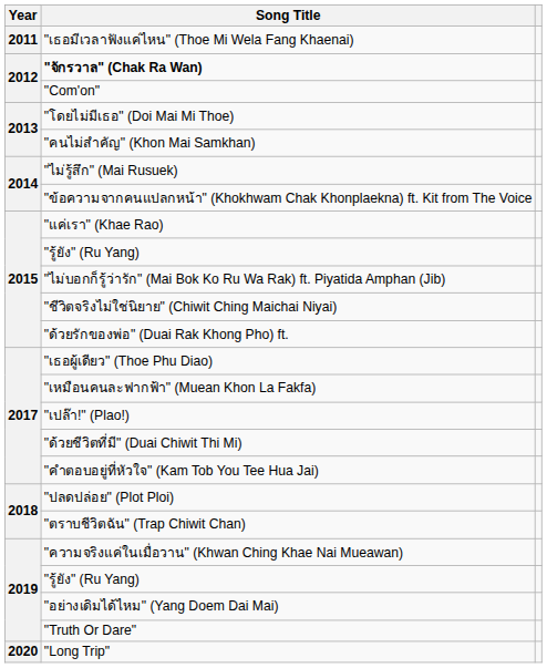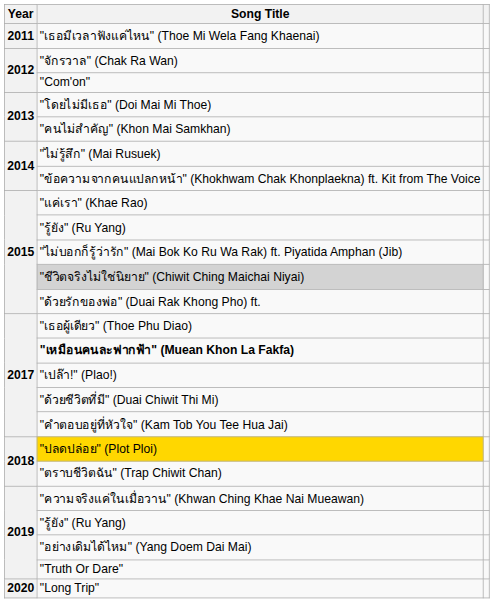 <table class="wikitable sortable plainrowheaders">
 <tr>
 <th scope="col">Year</th>
 <th scope="col">Song Title</th>
 <th scope="col" class="unsortable"></th>
 </tr>
 <tr>
 <th scope="row">2011</th>
 <td>"เธอมีเวลาฟังแค่ไหน" (Thoe Mi Wela Fang Khaenai)</td>
 <td style="text-align: center;"></td>
 </tr>
 <tr>
 <th scope="row" rowspan="2">2012</th>
-<td><strong>"จักรวาล" (Chak Ra Wan)</strong></td>
+<td>"จักรวาล" (Chak Ra Wan)</td>
 <td style="text-align: center;"></td>
 </tr>
 <tr>
 <td>"Com'on"</td>
 <td style="text-align: center;"></td>
 </tr>
 <tr>
 <th scope="row" rowspan="2">2013</th>
 <td>"โดยไม่มีเธอ" (Doi Mai Mi Thoe)</td>
 <td style="text-align: center;"></td>
 </tr>
 <tr>
 <td>"คนไม่สำคัญ" (Khon Mai Samkhan)</td>
 <td style="text-align: center;"></td>
 </tr>
 <tr>
 <th scope="row" rowspan="2">2014</th>
 <td>"ไม่รู้สึก" (Mai Rusuek)</td>
 <td style="text-align: center;"></td>
 </tr>
 <tr>
 <td>"ข้อความจากคนแปลกหน้า" (Khokhwam Chak Khonplaekna) ft. Kit from The Voice</td>
 <td style="text-align: center;"></td>
 </tr>
 <tr>
 <th scope="row" rowspan="5">2015</th>
 <td>"แค่เรา" (Khae Rao)</td>
 <td style="text-align: center;"></td>
 </tr>
 <tr>
 <td>"รู้ยัง" (Ru Yang)</td>
 <td style="text-align: center;"></td>
 </tr>
 <tr>
 <td>"ไม่บอกก็รู้ว่ารัก" (Mai Bok Ko Ru Wa Rak) ft. Piyatida Amphan (Jib)</td>
 <td style="text-align: center;"></td>
 </tr>
 <tr>
-<td>"ชีวิตจริงไม่ใช่นิยาย" (Chiwit Ching Maichai Niyai)</td>
+<td style="background: lightgrey;">"ชีวิตจริงไม่ใช่นิยาย" (Chiwit Ching Maichai Niyai)</td>
 <td style="text-align: center;"></td>
 </tr>
 <tr>
 <td>"ด้วยรักของพ่อ" (Duai Rak Khong Pho) ft. </td>
 <td style="text-align: center;"></td>
 </tr>
 <tr>
 <th scope="row" rowspan="5">2017</th>
 <td>"เธอผู้เดียว" (Thoe Phu Diao)</td>
 <td style="text-align: center;"></td>
 </tr>
 <tr>
-<td>"เหมือนคนละฟากฟ้า" (Muean Khon La Fakfa)</td>
+<td><strong>"เหมือนคนละฟากฟ้า" (Muean Khon La Fakfa)</strong></td>
 <td style="text-align: center;"></td>
 </tr>
 <tr>
 <td>"เปล๊า!" (Plao!)</td>
 <td style="text-align: center;"></td>
 </tr>
 <tr>
 <td>"ด้วยชีวิตที่มี" (Duai Chiwit Thi Mi)</td>
 <td style="text-align: center;"></td>
 </tr>
 <tr>
 <td>"คำตอบอยู่ที่หัวใจ" (Kam Tob You Tee Hua Jai)</td>
 <td style="text-align: center;"></td>
 </tr>
 <tr>
 <th scope="row" rowspan="2">2018</th>
-<td>"ปลดปล่อย" (Plot Ploi)</td>
+<td style="background: gold;">"ปลดปล่อย" (Plot Ploi)</td>
 <td style="text-align: center;"></td>
 </tr>
 <tr>
 <td>"ตราบชีวิตฉัน" (Trap Chiwit Chan)</td>
 <td style="text-align: center;"></td>
 </tr>
 <tr>
 <th scope="row" rowspan="4">2019</th>
 <td>"ความจริงแค่ในเมื่อวาน" (Khwan Ching Khae Nai Mueawan)</td>
 <td style="text-align: center;"></td>
 </tr>
 <tr>
 <td>"รู้ยัง" (Ru Yang)</td>
 <td style="text-align: center;"></td>
 </tr>
 <tr>
 <td>"อย่างเดิมได้ไหม" (Yang Doem Dai Mai)</td>
 <td style="text-align: center;"></td>
 </tr>
 <tr>
 <td>"Truth Or Dare"</td>
 <td style="text-align: center;"></td>
 </tr>
 <tr>
 <th scope="row">2020</th>
 <td>"Long Trip"</td>
 <td style="text-align: center;"></td>
 </tr>
 </table>
